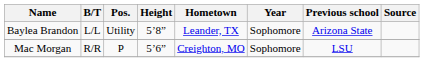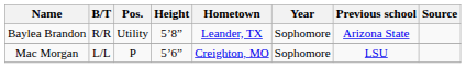 <table class="wikitable sortable">
 <tr>
 <th style="text-align:center; ">Name</th>
 <th style="text-align:center; ">B/T</th>
 <th style="text-align:center; ">Pos.</th>
 <th style="text-align:center; ">Height</th>
 <th style="text-align:center; ">Hometown</th>
 <th style="text-align:center; ">Year</th>
 <th style="text-align:center; ">Previous school</th>
 <th style="text-align:center; ">Source</th>
 </tr>
 <tr align="center">
 <td>Baylea Brandon</td>
-<td>L/L</td>
+<td>R/R</td>
 <td>Utility</td>
 <td>5’8”</td>
 <td><a href='#'>Leander, TX</a></td>
 <td>Sophomore</td>
 <td><a href='#'>Arizona State</a></td>
 <td></td>
 </tr>
 <tr>
 </tr>
 <tr align="center">
 <td>Mac Morgan</td>
-<td>R/R</td>
+<td>L/L</td>
 <td>P</td>
 <td>5’6”</td>
 <td><a href='#'>Creighton, MO</a></td>
 <td>Sophomore</td>
 <td><a href='#'>LSU</a></td>
 <td></td>
 </tr>
 <tr>
 </tr>
 </table>
